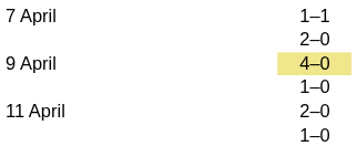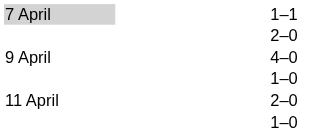 <table cellspacing=1 width=70%>
 <tr>
 <th width=25%></th>
 <th width=30%></th>
 <th width=15%></th>
 <th width=30%></th>
 </tr>
 <tr>
-<td>7 April</td>
+<td style="background: lightgrey;">7 April</td>
 <td align=right></td>
 <td align=center>1–1</td>
 <td></td>
 </tr>
 <tr>
 <td></td>
 <td align=right></td>
 <td align=center>2–0</td>
 <td></td>
 </tr>
 <tr>
 <td>9 April</td>
 <td align=right></td>
-<td align=center style="background: khaki;">4–0</td>
+<td align=center>4–0</td>
 <td></td>
 </tr>
 <tr>
 <td></td>
 <td align=right></td>
 <td align=center>1–0</td>
 <td></td>
 </tr>
 <tr>
 <td>11 April</td>
 <td align=right></td>
 <td align=center>2–0</td>
 <td></td>
 </tr>
 <tr>
 <td></td>
 <td align=right></td>
 <td align=center>1–0</td>
 <td></td>
 </tr>
 </table>
